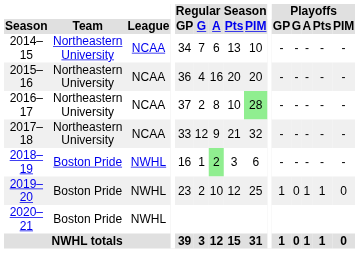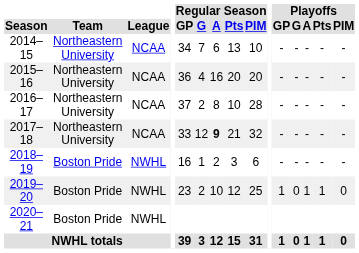 <table border="0" cellpadding="1" cellspacing="0" style="text-align:center; width:75%">
 <tr bgcolor="#e0e0e0">
 <th colspan="3"  bgcolor="#ffffff"> </th>
 <th rowspan="99" bgcolor="#ffffff"> </th>
 <th colspan="5">Regular Season</th>
 <th rowspan="99" bgcolor="#ffffff"> </th>
 <th colspan="5">Playoffs</th>
 </tr>
 <tr bgcolor="#e0e0e0">
 <th>Season</th>
 <th>Team</th>
 <th>League</th>
 <th>GP</th>
 <th><a href='#'>G</a></th>
 <th><a href='#'>A</a></th>
 <th><a href='#'>Pts</a></th>
 <th><a href='#'>PIM</a></th>
 <th>GP</th>
 <th>G</th>
 <th>A</th>
 <th>Pts</th>
 <th>PIM</th>
 </tr>
 <tr>
 <td>2014–15</td>
 <td><a href='#'>Northeastern University</a></td>
 <td><a href='#'>NCAA</a></td>
 <td>34</td>
 <td>7</td>
 <td>6</td>
 <td>13</td>
 <td>10</td>
 <td>-</td>
 <td>-</td>
 <td>-</td>
 <td>-</td>
 <td>-</td>
 </tr>
 <tr bgcolor="#f0f0f0">
 <td>2015–16</td>
 <td>Northeastern University</td>
 <td>NCAA</td>
 <td>36</td>
 <td>4</td>
 <td>16</td>
 <td>20</td>
 <td>20</td>
 <td>-</td>
 <td>-</td>
 <td>-</td>
 <td>-</td>
 <td>-</td>
 </tr>
 <tr>
 <td>2016–17</td>
 <td>Northeastern University</td>
 <td>NCAA</td>
 <td>37</td>
 <td>2</td>
 <td>8</td>
 <td>10</td>
-<td style="background: lightgreen;">28</td>
+<td>28</td>
 <td>-</td>
 <td>-</td>
 <td>-</td>
 <td>-</td>
 <td>-</td>
 </tr>
 <tr bgcolor="#f0f0f0">
 <td>2017–18</td>
 <td>Northeastern University</td>
 <td>NCAA</td>
 <td>33</td>
 <td>12</td>
-<td>9</td>
+<td><strong>9</strong></td>
 <td>21</td>
 <td>32</td>
 <td>-</td>
 <td>-</td>
 <td>-</td>
 <td>-</td>
 <td>-</td>
 </tr>
 <tr>
 <td><a href='#'>2018–19</a></td>
 <td><a href='#'>Boston Pride</a></td>
 <td><a href='#'>NWHL</a></td>
 <td>16</td>
 <td>1</td>
-<td style="background: lightgreen;">2</td>
+<td>2</td>
 <td>3</td>
 <td>6</td>
 <td>-</td>
 <td>-</td>
 <td>-</td>
 <td>-</td>
 <td>-</td>
 </tr>
 <tr bgcolor="#f0f0f0">
 <td><a href='#'>2019–20</a></td>
 <td>Boston Pride</td>
 <td>NWHL</td>
 <td>23</td>
 <td>2</td>
 <td>10</td>
 <td>12</td>
 <td>25</td>
 <td>1</td>
 <td>0</td>
 <td>1</td>
 <td>1</td>
 <td>0</td>
 </tr>
 <tr>
 <td><a href='#'>2020–21</a></td>
 <td>Boston Pride</td>
 <td>NWHL</td>
 <td></td>
 <td></td>
 <td></td>
 <td></td>
 <td></td>
 <td></td>
 <td></td>
 <td></td>
 <td></td>
 <td></td>
 </tr>
 <tr>
 </tr>
 <tr bgcolor="#e0e0e0">
 <th colspan="3">NWHL totals</th>
 <th>39</th>
 <th>3</th>
 <th>12</th>
 <th>15</th>
 <th>31</th>
 <th>1</th>
 <th>0</th>
 <th>1</th>
 <th>1</th>
 <th>0</th>
 </tr>
 </table>
